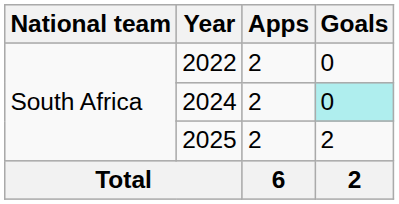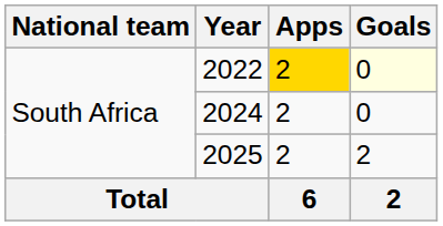 <table class="wikitable">
 <tr>
 <th>National team</th>
 <th>Year</th>
 <th>Apps</th>
 <th>Goals</th>
 </tr>
 <tr>
 <td rowspan="3">South Africa</td>
 <td>2022</td>
-<td>2</td>
-<td>0</td>
+<td style="background: gold;">2</td>
+<td style="background: lightyellow;">0</td>
 </tr>
 <tr>
 <td>2024</td>
 <td>2</td>
-<td style="background: paleturquoise;">0</td>
+<td>0</td>
 </tr>
 <tr>
 <td>2025</td>
 <td>2</td>
 <td>2</td>
 </tr>
 <tr>
 <th colspan="2">Total</th>
 <th>6</th>
 <th>2</th>
 </tr>
 </table>
